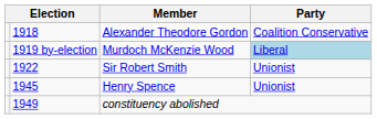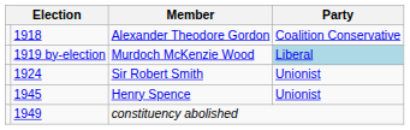 <table class="wikitable">
 <tr>
 <th colspan="2">Election</th>
 <th>Member</th>
 <th>Party</th>
 </tr>
 <tr>
 <td style="color:inherit;background-color: "></td>
 <td><a href='#'>1918</a></td>
 <td><a href='#'>Alexander Theodore Gordon</a></td>
 <td><a href='#'>Coalition Conservative</a></td>
 </tr>
 <tr>
 <td style="color:inherit;background-color: "></td>
 <td><a href='#'>1919 by-election</a></td>
 <td><a href='#'>Murdoch McKenzie Wood</a></td>
 <td style="background: lightblue;"><a href='#'>Liberal</a></td>
 </tr>
 <tr>
 <td style="color:inherit;background-color: "></td>
-<td><a href='#'>1922</a></td>
+<td><a href='#'>1924</a></td>
 <td><a href='#'>Sir Robert Smith</a></td>
 <td><a href='#'>Unionist</a></td>
 </tr>
 <tr>
 <td style="color:inherit;background-color: "></td>
 <td><a href='#'>1945</a></td>
 <td><a href='#'>Henry Spence</a></td>
 <td><a href='#'>Unionist</a></td>
 </tr>
 <tr>
 <td></td>
 <td><a href='#'>1949</a></td>
 <td colspan="2"><em>constituency abolished</em></td>
 </tr>
 </table>
